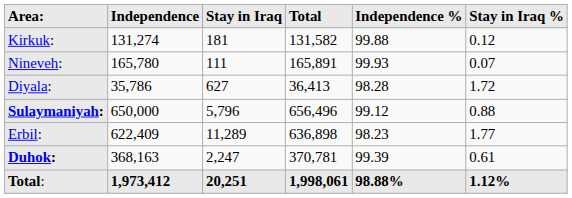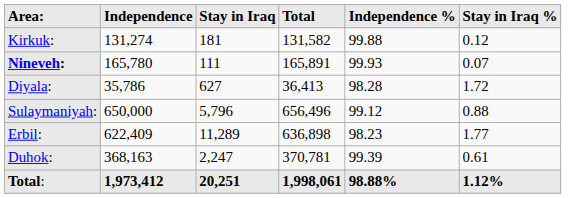 <table class="wikitable">
 <tr>
 <td colspan=1 style="background-color:#E9E9E9"><strong>Area:</strong></td>
 <td colspan=2 style="background-color:#E9E9E9"><strong>Independence</strong></td>
 <td colspan=3 style="background-color:#E9E9E9"><strong>Stay in Iraq</strong></td>
 <td colspan=4 style="background-color:#E9E9E9"><strong>Total</strong></td>
 <td colspan=2 style="background-color:#E9E9E9"><strong>Independence %</strong></td>
 <td colspan=3 style="background-color:#E9E9E9"><strong>Stay in Iraq %</strong></td>
 </tr>
 <tr>
 <td colspan=1 style="background-color:#E9E9E9"><a href='#'>Kirkuk</a>:</td>
 <td colspan=2>131,274</td>
 <td colspan=3>181</td>
 <td colspan=4>131,582</td>
 <td colspan=2>99.88</td>
 <td colspan=3>0.12</td>
 </tr>
 <tr>
-<td colspan=1 style="background-color:#E9E9E9"><a href='#'>Nineveh</a>:</td>
+<td colspan=1 style="background-color:#E9E9E9"><strong><a href='#'>Nineveh</a>:</strong></td>
 <td colspan=2>165,780</td>
 <td colspan=3>111</td>
 <td colspan=4>165,891</td>
 <td colspan=2>99.93</td>
 <td colspan=3>0.07</td>
 </tr>
 <tr>
 <td colspan=1 style="background-color:#E9E9E9"><a href='#'>Diyala</a>:</td>
 <td colspan=2>35,786</td>
 <td colspan=3>627</td>
 <td colspan=4>36,413</td>
 <td colspan=2>98.28</td>
 <td colspan=3>1.72</td>
 </tr>
 <tr>
-<td colspan=1 style="background-color:#E9E9E9"><strong><a href='#'>Sulaymaniyah</a>:</strong></td>
+<td colspan=1 style="background-color:#E9E9E9"><a href='#'>Sulaymaniyah</a>:</td>
 <td colspan=2>650,000</td>
 <td colspan=3>5,796</td>
 <td colspan=4>656,496</td>
 <td colspan=2>99.12</td>
 <td colspan=3>0.88</td>
 </tr>
 <tr>
 <td colspan=1 style="background-color:#E9E9E9"><a href='#'>Erbil</a>:</td>
 <td colspan=2>622,409</td>
 <td colspan=3>11,289</td>
 <td colspan=4>636,898</td>
 <td colspan=2>98.23</td>
 <td colspan=3>1.77</td>
 </tr>
 <tr>
-<td colspan=1 style="background-color:#E9E9E9"><strong><a href='#'>Duhok</a>:</strong></td>
+<td colspan=1 style="background-color:#E9E9E9"><a href='#'>Duhok</a>:</td>
 <td colspan=2>368,163</td>
 <td colspan=3>2,247</td>
 <td colspan=4>370,781</td>
 <td colspan=2>99.39</td>
 <td colspan=3>0.61</td>
 </tr>
 <tr>
 <td colspan=1 style="background-color:#E9E9E9"><strong>Total</strong>:</td>
 <td colspan=2 style="background-color:#E9E9E9"><strong>1,973,412</strong></td>
 <td colspan=3 style="background-color:#E9E9E9"><strong>20,251</strong></td>
 <td colspan=4 style="background-color:#E9E9E9"><strong>1,998,061</strong></td>
 <td colspan=2 style="background-color:#E9E9E9"><strong>98.88%</strong></td>
 <td colspan=3 style="background-color:#E9E9E9"><strong>1.12%</strong></td>
 </tr>
 </table>
